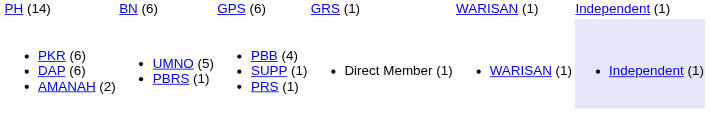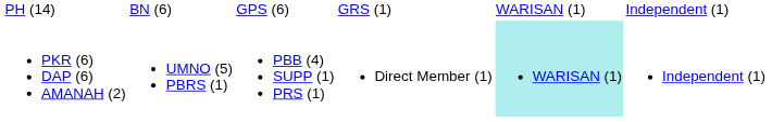 <table class="mw-collapsible mw-collapsed">
 <tr>
 <td> <a href='#'>PH</a> (14)</td>
 <td> <a href='#'>BN</a> (6)</td>
 <td> <a href='#'>GPS</a> (6)</td>
 <td> <a href='#'>GRS</a> (1)</td>
 <td> <a href='#'>WARISAN</a> (1)</td>
 <td> <a href='#'>Independent</a> (1)</td>
 </tr>
 <tr>
 <td><br><ul><li> <a href='#'>PKR</a> (6)</li><li> <a href='#'>DAP</a> (6)</li><li> <a href='#'>AMANAH</a> (2)</li></ul></td>
 <td><br><ul><li> <a href='#'>UMNO</a> (5)</li><li> <a href='#'>PBRS</a> (1)</li></ul></td>
 <td><br><ul><li> <a href='#'>PBB</a> (4)</li><li> <a href='#'>SUPP</a> (1)</li><li> <a href='#'>PRS</a> (1)</li></ul></td>
 <td><br><ul><li> Direct Member (1)</li></ul></td>
-<td><br><ul><li> <a href='#'>WARISAN</a> (1)</li></ul></td>
-<td style="background: lavender;"><br><ul><li> <a href='#'>Independent</a> (1)</li></ul></td>
+<td style="background: paleturquoise;"><br><ul><li> <a href='#'>WARISAN</a> (1)</li></ul></td>
+<td><br><ul><li> <a href='#'>Independent</a> (1)</li></ul></td>
 </tr>
 <tr>
 </tr>
 </table>
